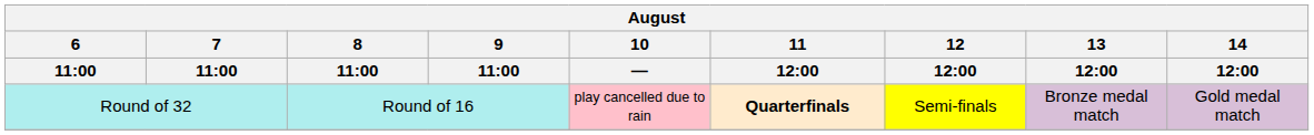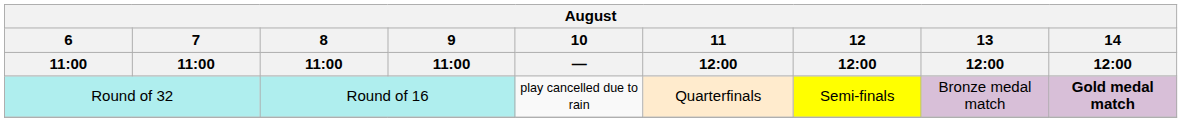 <table class="wikitable" style="text-align:center">
 <tr>
 <th colspan=10>August</th>
 </tr>
 <tr>
 <th width=6%>6</th>
 <th width=6%>7</th>
 <th width=6%>8</th>
 <th width=6%>9</th>
 <th width=6%>10</th>
 <th width=6%>11</th>
 <th width=6%>12</th>
 <th width=6%>13</th>
 <th width=6%>14</th>
 </tr>
 <tr>
 <th>11:00</th>
 <th>11:00</th>
 <th>11:00</th>
 <th>11:00</th>
 <th>—</th>
 <th>12:00</th>
 <th>12:00</th>
 <th>12:00</th>
 <th>12:00</th>
 </tr>
 <tr>
 <td colspan="2" bgcolor="#afeeee">Round of 32</td>
 <td colspan="2" bgcolor="#afeeee">Round of 16</td>
-<td style="background: pink;"><small>play cancelled due to rain</small></td>
-<td bgcolor="#ffebcd"><strong>Quarterfinals</strong></td>
+<td><small>play cancelled due to rain</small></td>
+<td bgcolor="#ffebcd">Quarterfinals</td>
 <td bgcolor="#FFFF00">Semi-finals</td>
 <td bgcolor="#D8BFD8">Bronze medal match</td>
-<td bgcolor="#D8BFD8">Gold medal match</td>
+<td bgcolor="#D8BFD8"><strong>Gold medal match</strong></td>
 </tr>
 <tr>
 </tr>
 </table>
